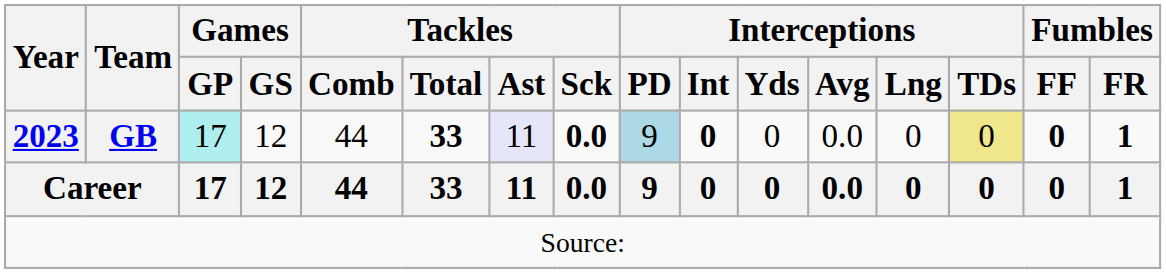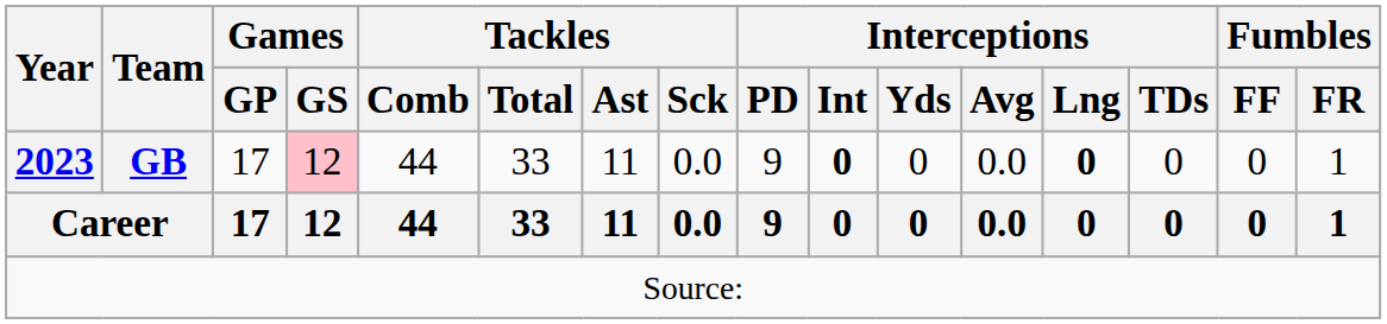 <table class="wikitable" style="text-align: center;">
 <tr>
 <th rowspan="2">Year</th>
 <th rowspan="2">Team</th>
 <th colspan="2">Games</th>
 <th colspan="4">Tackles</th>
 <th colspan="6">Interceptions</th>
 <th colspan="2">Fumbles</th>
 </tr>
 <tr>
 <th>GP</th>
 <th>GS</th>
 <th>Comb</th>
 <th>Total</th>
 <th>Ast</th>
 <th>Sck</th>
 <th>PD</th>
 <th>Int</th>
 <th>Yds</th>
 <th>Avg</th>
 <th>Lng</th>
 <th>TDs</th>
 <th>FF</th>
 <th>FR</th>
 </tr>
 <tr>
 <th><a href='#'>2023</a></th>
 <th><a href='#'>GB</a></th>
-<td style="background: paleturquoise;">17</td>
-<td>12</td>
+<td>17</td>
+<td style="background: pink;">12</td>
 <td>44</td>
-<td><strong>33</strong></td>
-<td style="background: lavender;">11</td>
-<td><strong>0.0</strong></td>
-<td style="background: lightblue;">9</td>
+<td>33</td>
+<td>11</td>
+<td>0.0</td>
+<td>9</td>
 <td><strong>0</strong></td>
 <td>0</td>
 <td>0.0</td>
+<td><strong>0</strong></td>
 <td>0</td>
-<td style="background: khaki;">0</td>
-<td><strong>0</strong></td>
-<td><strong>1</strong></td>
+<td>0</td>
+<td>1</td>
 </tr>
 <tr>
 <th colspan="2">Career</th>
 <th>17</th>
 <th>12</th>
 <th>44</th>
 <th>33</th>
 <th>11</th>
 <th>0.0</th>
 <th>9</th>
 <th>0</th>
 <th>0</th>
 <th>0.0</th>
 <th>0</th>
 <th>0</th>
 <th>0</th>
 <th>1</th>
 </tr>
 <tr>
 <td colspan="18"><small>Source: </small></td>
 </tr>
 </table>
